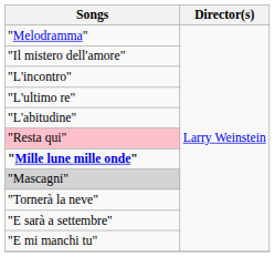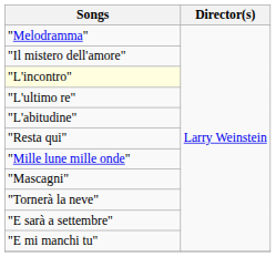 <table class="wikitable">
 <tr>
 <th width="210">Songs</th>
 <th>Director(s)</th>
 </tr>
 <tr>
 <td>"<a href='#'>Melodramma</a>"</td>
 <td rowspan=11><a href='#'>Larry Weinstein</a></td>
 </tr>
 <tr>
 <td>"Il mistero dell'amore"</td>
 </tr>
 <tr>
-<td>"L'incontro"</td>
+<td style="background: lightyellow;">"L'incontro"</td>
 </tr>
 <tr>
 <td>"L'ultimo re"</td>
 </tr>
 <tr>
 <td>"L'abitudine"</td>
 </tr>
 <tr>
-<td style="background: pink;">"Resta qui"</td>
+<td>"Resta qui"</td>
 </tr>
 <tr>
-<td><strong>"<a href='#'>Mille lune mille onde</a>"</strong></td>
+<td>"<a href='#'>Mille lune mille onde</a>"</td>
 </tr>
 <tr>
-<td style="background: lightgrey;">"Mascagni"</td>
+<td>"Mascagni"</td>
 </tr>
 <tr>
 <td>"Tornerà la neve"</td>
 </tr>
 <tr>
 <td>"E sarà a settembre"</td>
 </tr>
 <tr>
 <td>"E mi manchi tu"</td>
 </tr>
 <tr>
 </tr>
 </table>
